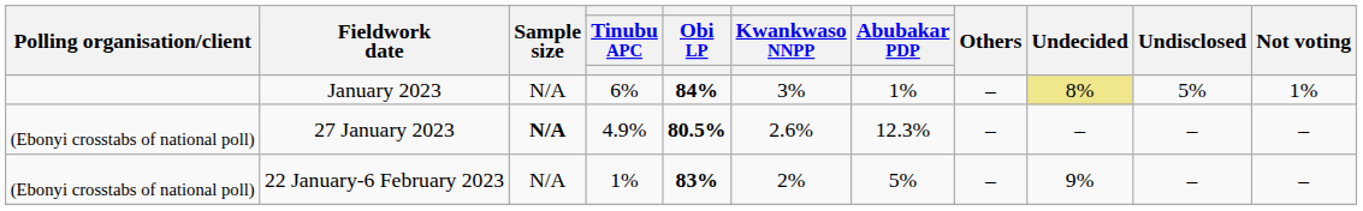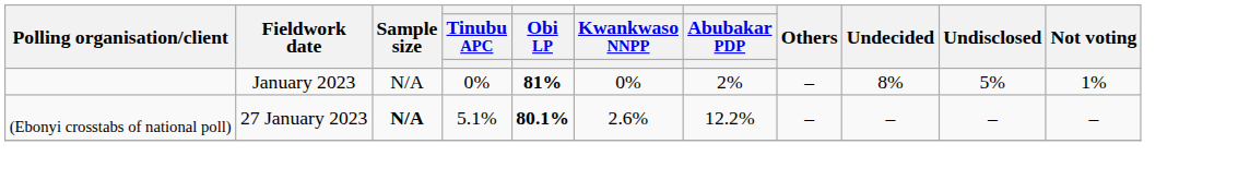 <table class="wikitable" style="text-align:center;font-size:95%;line-height:14px;">
 <tr>
 <th rowspan="3">Polling organisation/client</th>
 <th rowspan="3">Fieldwork<br>date</th>
 <th rowspan="3">Sample<br>size</th>
 <th></th>
 <th></th>
 <th></th>
 <th></th>
 <th rowspan="3">Others</th>
 <th rowspan="3">Undecided</th>
 <th rowspan="3">Undisclosed</th>
 <th rowspan="3">Not voting</th>
 </tr>
 <tr>
 <th><a href='#'>Tinubu</a><br><small><a href='#'>APC</a></small></th>
 <th><a href='#'>Obi</a><br><small><a href='#'>LP</a></small></th>
 <th><a href='#'>Kwankwaso</a><br><small><a href='#'>NNPP</a></small></th>
 <th><a href='#'>Abubakar</a><br><small><a href='#'>PDP</a></small></th>
 </tr>
 <tr>
 <th style="background:"></th>
 <th style="background:"></th>
 <th style="background:"></th>
 <th style="background:"></th>
 </tr>
 <tr>
 <td></td>
 <td>January 2023</td>
 <td>N/A</td>
-<td>6%</td>
-<td><strong>84%</strong></td>
-<td>3%</td>
-<td>1%</td>
+<td>0%</td>
+<td><strong>81%</strong></td>
+<td>0%</td>
+<td>2%</td>
 <td>–</td>
-<td style="background: khaki;">8%</td>
+<td>8%</td>
 <td>5%</td>
 <td>1%</td>
 </tr>
 <tr>
 <td><br><small>(Ebonyi crosstabs of national poll)</small></td>
 <td>27 January 2023</td>
 <td><strong>N/A</strong></td>
-<td>4.9%</td>
-<td><strong>80.5%</strong></td>
+<td>5.1%</td>
+<td><strong>80.1%</strong></td>
 <td>2.6%</td>
-<td>12.3%</td>
+<td>12.2%</td>
 <td>–</td>
 <td>–</td>
 <td>–</td>
 <td>–</td>
 </tr>
 <tr>
-<td><br><small>(Ebonyi crosstabs of national poll)</small></td>
-<td>22 January-6 February 2023</td>
-<td>N/A</td>
-<td>1%</td>
-<td><strong>83%</strong></td>
-<td>2%</td>
-<td>5%</td>
-<td>–</td>
-<td>9%</td>
-<td>–</td>
-<td>–</td>
-</tr>
-<tr>
 </tr>
 </table>
